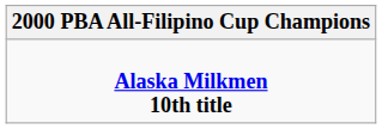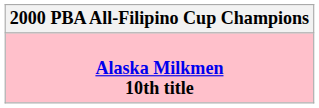 <table class=wikitable style="text-align:center; margin:auto">
 <tr>
 <th>2000 PBA All-Filipino Cup Champions</th>
 </tr>
 <tr>
-<td><br> <strong><a href='#'>Alaska Milkmen</a></strong> <br> <strong>10th title</strong></td>
+<td style="background: pink;"><br> <strong><a href='#'>Alaska Milkmen</a></strong> <br> <strong>10th title</strong></td>
 </tr>
 </table>
